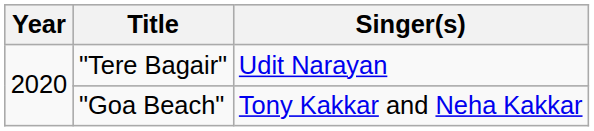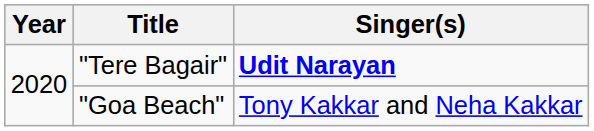 <table class="wikitable" style="font-size: 100%;">
 <tr>
 <th>Year</th>
 <th>Title</th>
 <th>Singer(s)</th>
 </tr>
 <tr>
 <td rowspan="2">2020</td>
 <td>"Tere Bagair"</td>
-<td><a href='#'>Udit Narayan</a></td>
+<td><strong><a href='#'>Udit Narayan</a></strong></td>
 </tr>
 <tr>
 <td>"Goa Beach"</td>
 <td><a href='#'>Tony Kakkar</a> and <a href='#'>Neha Kakkar</a></td>
 </tr>
 </table>
